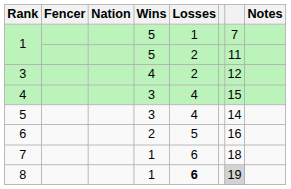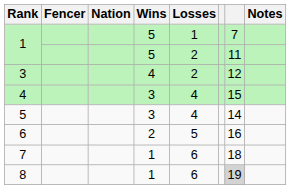 <table class="wikitable sortable" style="text-align: center;">
 <tr>
 <th>Rank</th>
 <th>Fencer</th>
 <th>Nation</th>
 <th>Wins</th>
 <th>Losses</th>
 <th></th>
 <th></th>
 <th>Notes</th>
 </tr>
 <tr style="background:#bbf3bb;">
 <td rowspan=2>1</td>
 <td align=left></td>
 <td align=left></td>
 <td>5</td>
 <td>1</td>
 <td></td>
 <td>7</td>
 <td></td>
 </tr>
 <tr style="background:#bbf3bb;">
 <td align=left></td>
 <td align=left></td>
 <td>5</td>
 <td>2</td>
 <td></td>
 <td>11</td>
 <td></td>
 </tr>
 <tr style="background:#bbf3bb;">
 <td>3</td>
 <td align=left></td>
 <td align=left></td>
 <td>4</td>
 <td>2</td>
 <td></td>
 <td>12</td>
 <td></td>
 </tr>
 <tr style="background:#bbf3bb;">
 <td>4</td>
 <td align=left></td>
 <td align=left></td>
 <td>3</td>
 <td>4</td>
 <td></td>
 <td>15</td>
 <td></td>
 </tr>
 <tr>
 <td>5</td>
 <td align=left></td>
 <td align=left></td>
 <td>3</td>
 <td>4</td>
 <td></td>
 <td>14</td>
 <td></td>
 </tr>
 <tr>
 <td>6</td>
 <td align=left></td>
 <td align=left></td>
 <td>2</td>
 <td>5</td>
 <td></td>
 <td>16</td>
 <td></td>
 </tr>
 <tr>
 <td>7</td>
 <td align=left></td>
 <td align=left></td>
 <td>1</td>
 <td>6</td>
 <td></td>
 <td>18</td>
 <td></td>
 </tr>
 <tr>
 <td>8</td>
 <td align=left></td>
 <td align=left></td>
 <td>1</td>
-<td><strong>6</strong></td>
+<td>6</td>
 <td></td>
 <td style="background: lightgrey;">19</td>
 <td></td>
 </tr>
 </table>
